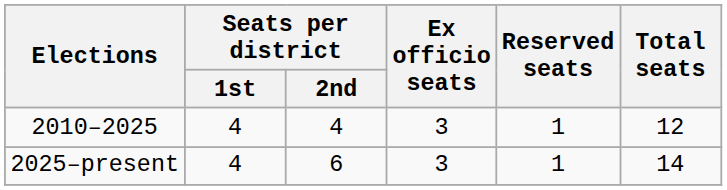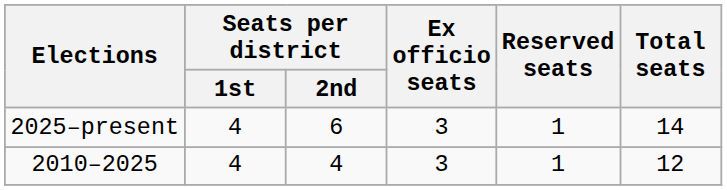 <table class="wikitable">
 <tr>
 <th rowspan="2">Elections</th>
 <th colspan="2">Seats per district</th>
 <th rowspan="2" width="50px">Ex officio seats</th>
 <th rowspan="2" width="50px">Reserved seats</th>
 <th rowspan="2" width="50px">Total seats</th>
 </tr>
 <tr>
 <th width="50px">1st</th>
 <th width="50px">2nd</th>
 </tr>
 <tr align="center">
+<td>2025–present</td>
+<td>4</td>
+<td>6</td>
+<td>3</td>
+<td>1</td>
+<td>14</td>
+</tr>
+<tr align="center">
 <td>2010–2025</td>
 <td>4</td>
 <td>4</td>
 <td>3</td>
 <td>1</td>
 <td>12</td>
 </tr>
-<tr align="center">
-<td>2025–present</td>
-<td>4</td>
-<td>6</td>
-<td>3</td>
-<td>1</td>
-<td>14</td>
-</tr>
 </table>
